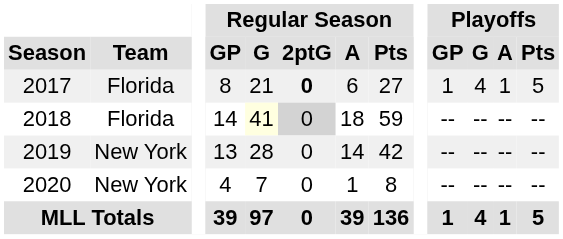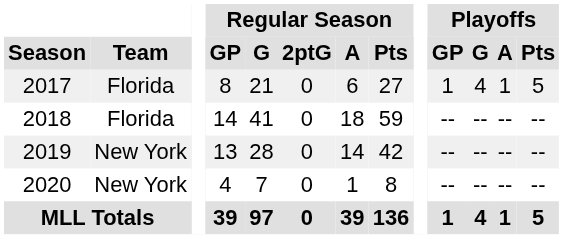 <table BORDER="0" CELLPADDING="3" CELLSPACING="0">
 <tr ALIGN="center" bgcolor="#e0e0e0">
 <th colspan="2" bgcolor="#ffffff"> </th>
 <th rowspan="99" bgcolor="#ffffff"> </th>
 <th colspan="5">Regular Season</th>
 <th rowspan="99" bgcolor="#ffffff"> </th>
 <th colspan="4">Playoffs</th>
 </tr>
 <tr ALIGN="center" bgcolor="#e0e0e0">
 <th>Season</th>
 <th>Team</th>
 <th>GP</th>
 <th>G</th>
 <th>2ptG</th>
 <th>A</th>
 <th>Pts</th>
 <th>GP</th>
 <th>G</th>
 <th>A</th>
 <th>Pts</th>
 </tr>
 <tr ALIGN="center" bgcolor="#f0f0f0">
 <td>2017</td>
 <td>Florida</td>
 <td>8</td>
 <td>21</td>
-<td><strong>0</strong></td>
+<td>0</td>
 <td>6</td>
 <td>27</td>
 <td>1</td>
 <td>4</td>
 <td>1</td>
 <td>5</td>
 </tr>
 <tr ALIGN="center">
 <td>2018</td>
 <td>Florida</td>
 <td>14</td>
-<td style="background: lightyellow;">41</td>
-<td style="background: lightgrey;">0</td>
+<td>41</td>
+<td>0</td>
 <td>18</td>
 <td>59</td>
 <td>--</td>
 <td>--</td>
 <td>--</td>
 <td>--</td>
 </tr>
 <tr ALIGN="center" bgcolor="#f0f0f0">
 <td>2019</td>
 <td>New York</td>
 <td>13</td>
 <td>28</td>
 <td>0</td>
 <td>14</td>
 <td>42</td>
 <td>--</td>
 <td>--</td>
 <td>--</td>
 <td>--</td>
 </tr>
 <tr ALIGN="center">
 <td>2020</td>
 <td>New York</td>
 <td>4</td>
 <td>7</td>
 <td>0</td>
 <td>1</td>
 <td>8</td>
 <td>--</td>
 <td>--</td>
 <td>--</td>
 <td>--</td>
 </tr>
 <tr ALIGN="center" bgcolor="#e0e0e0">
 <th colspan="2">MLL Totals</th>
 <th>39</th>
 <th>97</th>
 <th>0</th>
 <th>39</th>
 <th>136</th>
 <th>1</th>
 <th>4</th>
 <th>1</th>
 <th>5</th>
 </tr>
 </table>
